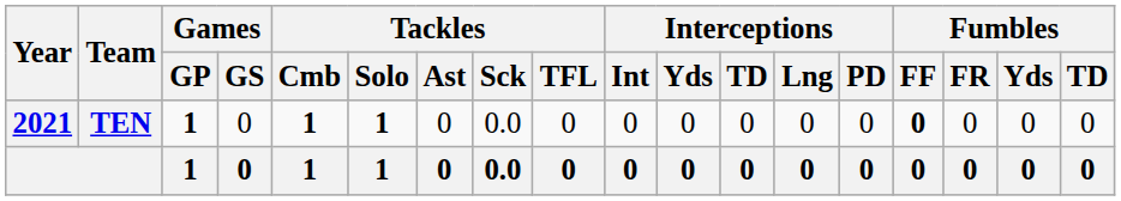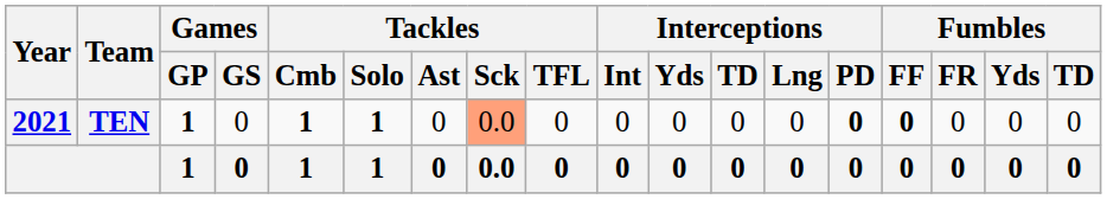 <table class="wikitable" style="text-align:center">
 <tr>
 <th rowspan="2">Year</th>
 <th rowspan="2">Team</th>
 <th colspan="2">Games</th>
 <th colspan="5">Tackles</th>
 <th colspan="5">Interceptions</th>
 <th colspan="4">Fumbles</th>
 </tr>
 <tr>
 <th>GP</th>
 <th>GS</th>
 <th>Cmb</th>
 <th>Solo</th>
 <th>Ast</th>
 <th>Sck</th>
 <th>TFL</th>
 <th>Int</th>
 <th>Yds</th>
 <th>TD</th>
 <th>Lng</th>
 <th>PD</th>
 <th>FF</th>
 <th>FR</th>
 <th>Yds</th>
 <th>TD</th>
 </tr>
 <tr>
 <th><a href='#'>2021</a></th>
 <th><a href='#'>TEN</a></th>
 <td><strong>1</strong></td>
 <td>0</td>
 <td><strong>1</strong></td>
 <td><strong>1</strong></td>
 <td>0</td>
-<td>0.0</td>
+<td style="background: lightsalmon;">0.0</td>
 <td>0</td>
 <td>0</td>
 <td>0</td>
 <td>0</td>
 <td>0</td>
-<td>0</td>
+<td><strong>0</strong></td>
 <td><strong>0</strong></td>
 <td>0</td>
 <td>0</td>
 <td>0</td>
 </tr>
 <tr>
 <th colspan="2"></th>
 <th>1</th>
 <th>0</th>
 <th>1</th>
 <th>1</th>
 <th>0</th>
 <th>0.0</th>
 <th>0</th>
 <th>0</th>
 <th>0</th>
 <th>0</th>
 <th>0</th>
 <th>0</th>
 <th>0</th>
 <th>0</th>
 <th>0</th>
 <th>0</th>
 </tr>
 </table>
